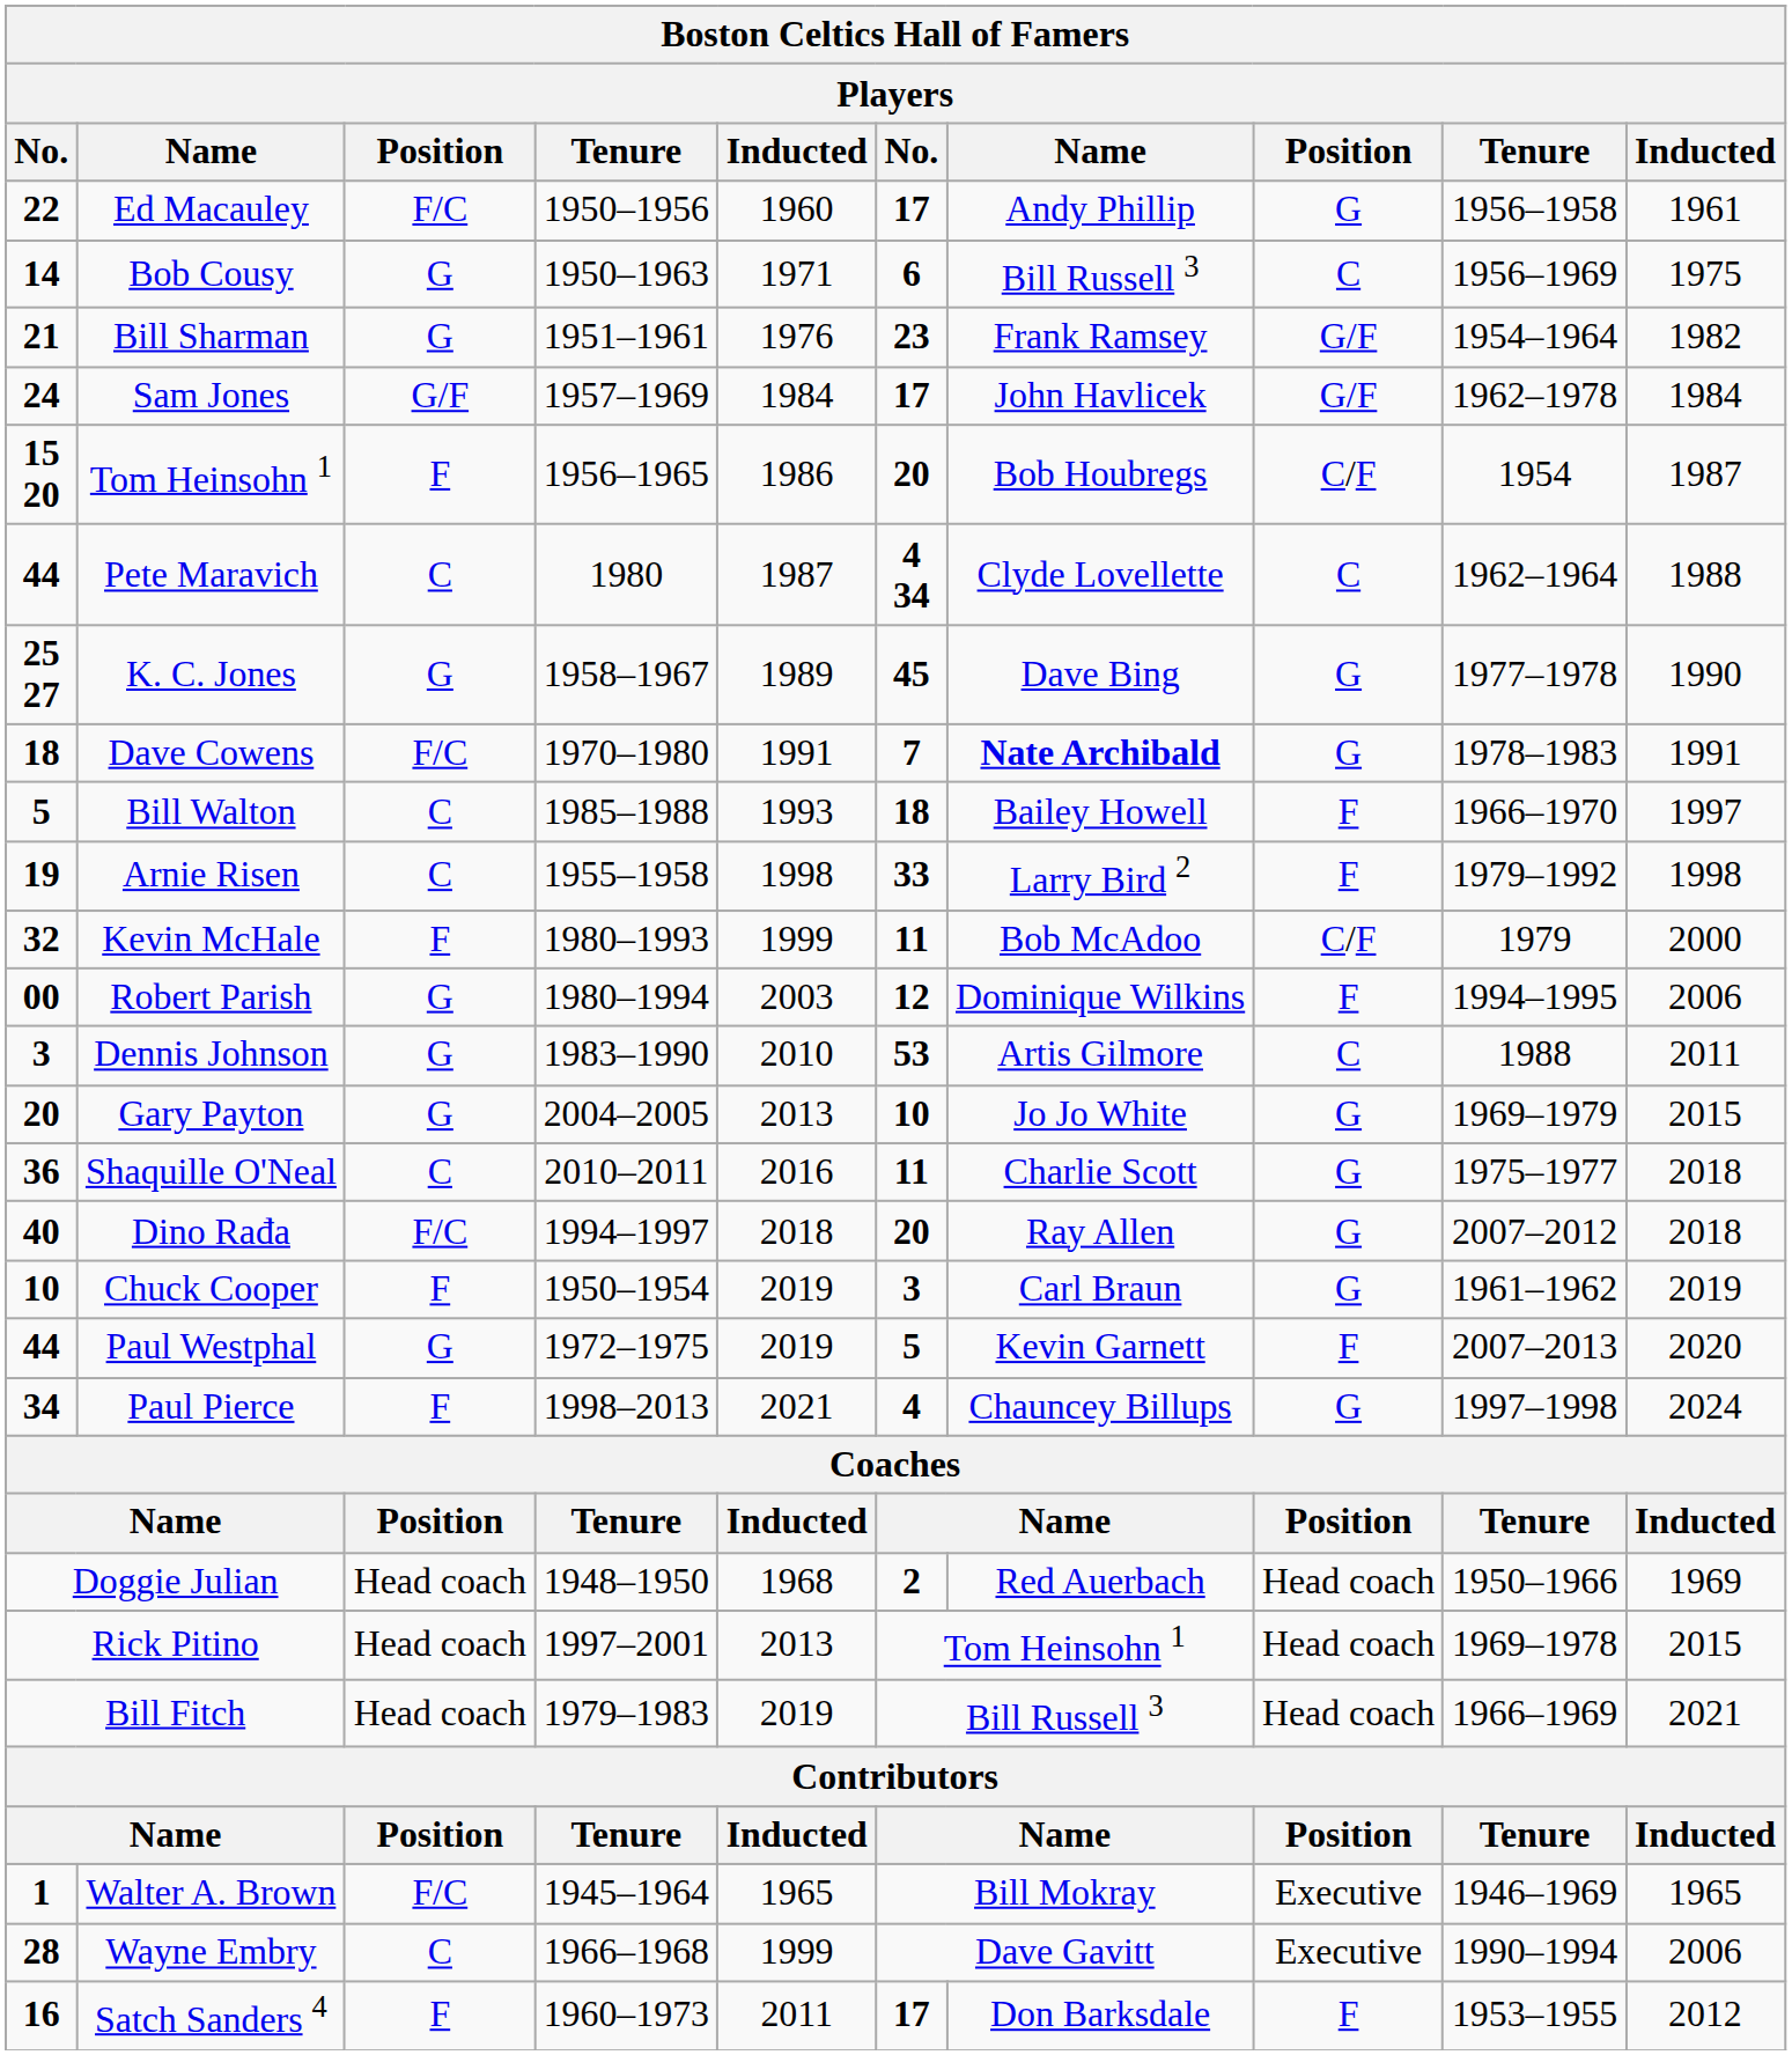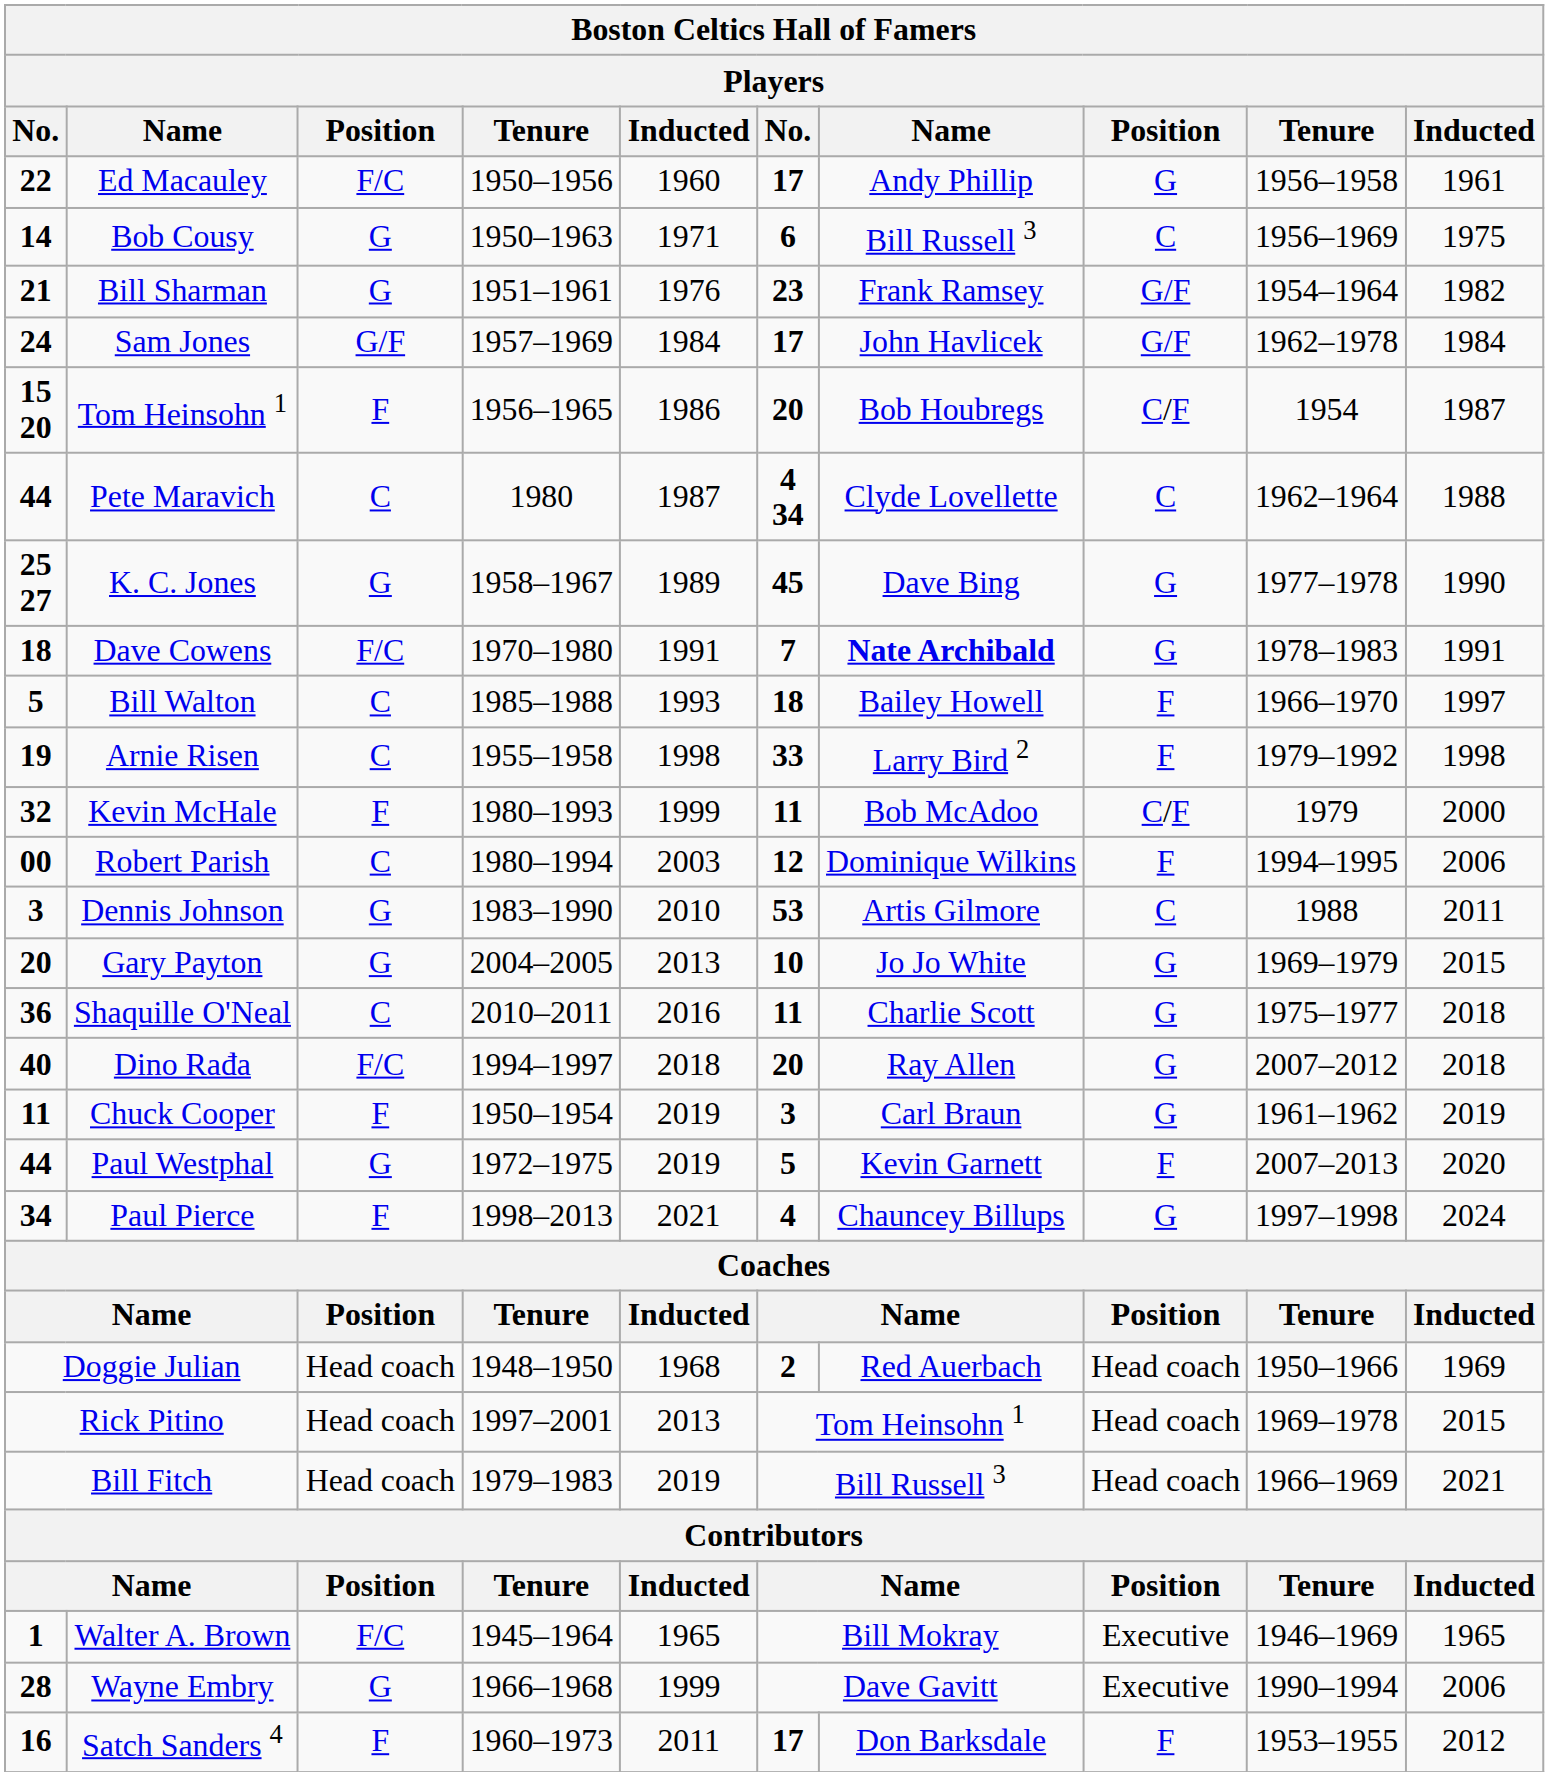 <table class="wikitable" style="text-align:center">
 <tr>
 <th colspan="10">Boston Celtics Hall of Famers</th>
 </tr>
 <tr>
 <th colspan="10">Players</th>
 </tr>
 <tr>
 <th>No.</th>
 <th>Name</th>
 <th>Position</th>
 <th>Tenure</th>
 <th>Inducted</th>
 <th>No.</th>
 <th>Name</th>
 <th>Position</th>
 <th>Tenure</th>
 <th>Inducted</th>
 </tr>
 <tr>
 <td><strong>22</strong></td>
 <td><a href='#'>Ed Macauley</a></td>
 <td><a href='#'>F/C</a></td>
 <td>1950–1956</td>
 <td>1960</td>
 <td><strong>17</strong></td>
 <td><a href='#'>Andy Phillip</a></td>
 <td><a href='#'>G</a></td>
 <td>1956–1958</td>
 <td>1961</td>
 </tr>
 <tr>
 <td><strong>14</strong></td>
 <td><a href='#'>Bob Cousy</a></td>
 <td><a href='#'>G</a></td>
 <td>1950–1963</td>
 <td>1971</td>
 <td><strong>6</strong></td>
 <td><a href='#'>Bill Russell</a> <sup>3</sup></td>
 <td><a href='#'>C</a></td>
 <td>1956–1969</td>
 <td>1975</td>
 </tr>
 <tr>
 <td><strong>21</strong></td>
 <td><a href='#'>Bill Sharman</a></td>
 <td><a href='#'>G</a></td>
 <td>1951–1961</td>
 <td>1976</td>
 <td><strong>23</strong></td>
 <td><a href='#'>Frank Ramsey</a></td>
 <td><a href='#'>G/F</a></td>
 <td>1954–1964</td>
 <td>1982</td>
 </tr>
 <tr>
 <td><strong>24</strong></td>
 <td><a href='#'>Sam Jones</a></td>
 <td><a href='#'>G/F</a></td>
 <td>1957–1969</td>
 <td>1984</td>
 <td><strong>17</strong></td>
 <td><a href='#'>John Havlicek</a></td>
 <td><a href='#'>G/F</a></td>
 <td>1962–1978</td>
 <td>1984</td>
 </tr>
 <tr>
 <td><strong>15</strong><br><strong>20</strong></td>
 <td><a href='#'>Tom Heinsohn</a> <sup>1</sup></td>
 <td><a href='#'>F</a></td>
 <td>1956–1965</td>
 <td>1986</td>
 <td><strong>20</strong></td>
 <td><a href='#'>Bob Houbregs</a></td>
 <td><a href='#'>C</a>/<a href='#'>F</a></td>
 <td>1954</td>
 <td>1987</td>
 </tr>
 <tr>
 <td><strong>44</strong></td>
 <td><a href='#'>Pete Maravich</a></td>
 <td><a href='#'>C</a></td>
 <td>1980</td>
 <td>1987</td>
 <td><strong>4</strong><br><strong>34</strong></td>
 <td><a href='#'>Clyde Lovellette</a></td>
 <td><a href='#'>C</a></td>
 <td>1962–1964</td>
 <td>1988</td>
 </tr>
 <tr>
 <td><strong>25</strong><br><strong>27</strong></td>
 <td><a href='#'>K. C. Jones</a></td>
 <td><a href='#'>G</a></td>
 <td>1958–1967</td>
 <td>1989</td>
 <td><strong>45</strong></td>
 <td><a href='#'>Dave Bing</a></td>
 <td><a href='#'>G</a></td>
 <td>1977–1978</td>
 <td>1990</td>
 </tr>
 <tr>
 <td><strong>18</strong></td>
 <td><a href='#'>Dave Cowens</a></td>
 <td><a href='#'>F/C</a></td>
 <td>1970–1980</td>
 <td>1991</td>
 <td><strong>7</strong></td>
 <td><strong><a href='#'>Nate Archibald</a></strong></td>
 <td><a href='#'>G</a></td>
 <td>1978–1983</td>
 <td>1991</td>
 </tr>
 <tr>
 <td><strong>5</strong></td>
 <td><a href='#'>Bill Walton</a></td>
 <td><a href='#'>C</a></td>
 <td>1985–1988</td>
 <td>1993</td>
 <td><strong>18</strong></td>
 <td><a href='#'>Bailey Howell</a></td>
 <td><a href='#'>F</a></td>
 <td>1966–1970</td>
 <td>1997</td>
 </tr>
 <tr>
 <td><strong>19</strong></td>
 <td><a href='#'>Arnie Risen</a></td>
 <td><a href='#'>C</a></td>
 <td>1955–1958</td>
 <td>1998</td>
 <td><strong>33</strong></td>
 <td><a href='#'>Larry Bird</a> <sup>2</sup></td>
 <td><a href='#'>F</a></td>
 <td>1979–1992</td>
 <td>1998</td>
 </tr>
 <tr>
 <td><strong>32</strong></td>
 <td><a href='#'>Kevin McHale</a></td>
 <td><a href='#'>F</a></td>
 <td>1980–1993</td>
 <td>1999</td>
 <td><strong>11</strong></td>
 <td><a href='#'>Bob McAdoo</a></td>
 <td><a href='#'>C</a>/<a href='#'>F</a></td>
 <td>1979</td>
 <td>2000</td>
 </tr>
 <tr>
 <td><strong>00</strong></td>
 <td><a href='#'>Robert Parish</a></td>
-<td><a href='#'>G</a></td>
+<td><a href='#'>C</a></td>
 <td>1980–1994</td>
 <td>2003</td>
 <td><strong>12</strong></td>
 <td><a href='#'>Dominique Wilkins</a></td>
 <td><a href='#'>F</a></td>
 <td>1994–1995</td>
 <td>2006</td>
 </tr>
 <tr>
 <td><strong>3</strong></td>
 <td><a href='#'>Dennis Johnson</a></td>
 <td><a href='#'>G</a></td>
 <td>1983–1990</td>
 <td>2010</td>
 <td><strong>53</strong></td>
 <td><a href='#'>Artis Gilmore</a></td>
 <td><a href='#'>C</a></td>
 <td>1988</td>
 <td>2011</td>
 </tr>
 <tr>
 <td><strong>20</strong></td>
 <td><a href='#'>Gary Payton</a></td>
 <td><a href='#'>G</a></td>
 <td>2004–2005</td>
 <td>2013</td>
 <td><strong>10</strong></td>
 <td><a href='#'>Jo Jo White</a></td>
 <td><a href='#'>G</a></td>
 <td>1969–1979</td>
 <td>2015</td>
 </tr>
 <tr>
 <td><strong>36</strong></td>
 <td><a href='#'>Shaquille O'Neal</a></td>
 <td><a href='#'>C</a></td>
 <td>2010–2011</td>
 <td>2016</td>
 <td><strong>11</strong></td>
 <td><a href='#'>Charlie Scott</a></td>
 <td><a href='#'>G</a></td>
 <td>1975–1977</td>
 <td>2018</td>
 </tr>
 <tr>
 <td><strong>40</strong></td>
 <td><a href='#'>Dino Rađa</a></td>
 <td><a href='#'>F/C</a></td>
 <td>1994–1997</td>
 <td>2018</td>
 <td><strong>20</strong></td>
 <td><a href='#'>Ray Allen</a></td>
 <td><a href='#'>G</a></td>
 <td>2007–2012</td>
 <td>2018</td>
 </tr>
 <tr>
-<td><strong>10</strong></td>
+<td><strong>11</strong></td>
 <td><a href='#'>Chuck Cooper</a></td>
 <td><a href='#'>F</a></td>
 <td>1950–1954</td>
 <td>2019</td>
 <td><strong>3</strong></td>
 <td><a href='#'>Carl Braun</a></td>
 <td><a href='#'>G</a></td>
 <td>1961–1962</td>
 <td>2019</td>
 </tr>
 <tr>
 <td><strong>44</strong></td>
 <td><a href='#'>Paul Westphal</a></td>
 <td><a href='#'>G</a></td>
 <td>1972–1975</td>
 <td>2019</td>
 <td><strong>5</strong></td>
 <td><a href='#'>Kevin Garnett</a></td>
 <td><a href='#'>F</a></td>
 <td>2007–2013</td>
 <td>2020</td>
 </tr>
 <tr>
 <td><strong>34</strong></td>
 <td><a href='#'>Paul Pierce</a></td>
 <td><a href='#'>F</a></td>
 <td>1998–2013</td>
 <td>2021</td>
 <td><strong>4</strong></td>
 <td><a href='#'>Chauncey Billups</a></td>
 <td><a href='#'>G</a></td>
 <td>1997–1998</td>
 <td>2024</td>
 </tr>
 <tr>
 <th colspan="10">Coaches</th>
 </tr>
 <tr>
 <th colspan="2">Name</th>
 <th>Position</th>
 <th>Tenure</th>
 <th>Inducted</th>
 <th colspan="2">Name</th>
 <th>Position</th>
 <th>Tenure</th>
 <th>Inducted</th>
 </tr>
 <tr>
 <td colspan="2"><a href='#'>Doggie Julian</a></td>
 <td>Head coach</td>
 <td>1948–1950</td>
 <td>1968</td>
 <td><strong>2</strong></td>
 <td><a href='#'>Red Auerbach</a></td>
 <td>Head coach</td>
 <td>1950–1966</td>
 <td>1969</td>
 </tr>
 <tr>
 <td colspan="2"><a href='#'>Rick Pitino</a></td>
 <td>Head coach</td>
 <td>1997–2001</td>
 <td>2013</td>
 <td colspan="2"><a href='#'>Tom Heinsohn</a> <sup>1</sup></td>
 <td>Head coach</td>
 <td>1969–1978</td>
 <td>2015</td>
 </tr>
 <tr>
 <td colspan="2"><a href='#'>Bill Fitch</a></td>
 <td>Head coach</td>
 <td>1979–1983</td>
 <td>2019</td>
 <td colspan="2"><a href='#'>Bill Russell</a> <sup>3</sup></td>
 <td>Head coach</td>
 <td>1966–1969</td>
 <td>2021</td>
 </tr>
 <tr>
 <th colspan="10">Contributors</th>
 </tr>
 <tr>
 <th colspan="2">Name</th>
 <th>Position</th>
 <th>Tenure</th>
 <th>Inducted</th>
 <th colspan="2">Name</th>
 <th>Position</th>
 <th>Tenure</th>
 <th>Inducted</th>
 </tr>
 <tr>
 <td><strong>1</strong></td>
 <td><a href='#'>Walter A. Brown</a></td>
 <td><a href='#'>F/C</a></td>
 <td>1945–1964</td>
 <td>1965</td>
 <td colspan="2"><a href='#'>Bill Mokray</a></td>
 <td>Executive</td>
 <td>1946–1969</td>
 <td>1965</td>
 </tr>
 <tr>
 <td><strong>28</strong></td>
 <td><a href='#'>Wayne Embry</a></td>
-<td><a href='#'>C</a></td>
+<td><a href='#'>G</a></td>
 <td>1966–1968</td>
 <td>1999</td>
 <td colspan="2"><a href='#'>Dave Gavitt</a></td>
 <td>Executive</td>
 <td>1990–1994</td>
 <td>2006</td>
 </tr>
 <tr>
 <td><strong>16</strong></td>
 <td><a href='#'>Satch Sanders</a> <sup>4</sup></td>
 <td><a href='#'>F</a></td>
 <td>1960–1973</td>
 <td>2011</td>
 <td><strong>17</strong></td>
 <td><a href='#'>Don Barksdale</a></td>
 <td><a href='#'>F</a></td>
 <td>1953–1955</td>
 <td>2012</td>
 </tr>
 </table>
